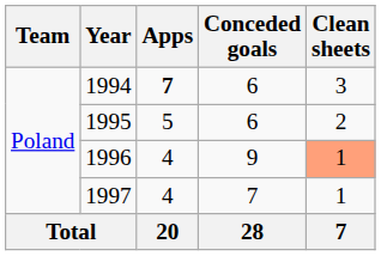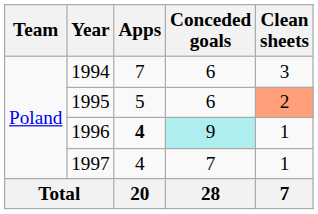 <table class="wikitable" style="text-align:center">
 <tr>
 <th>Team</th>
 <th>Year</th>
 <th>Apps</th>
 <th>Conceded<br>goals</th>
 <th>Clean<br>sheets</th>
 </tr>
 <tr>
 <td rowspan="4" style="vertical-align:center;"><a href='#'>Poland</a></td>
 <td>1994</td>
-<td><strong>7</strong></td>
+<td>7</td>
 <td>6</td>
 <td>3</td>
 </tr>
 <tr>
 <td>1995</td>
 <td>5</td>
 <td>6</td>
-<td>2</td>
+<td style="background: lightsalmon;">2</td>
 </tr>
 <tr>
 <td>1996</td>
-<td>4</td>
-<td>9</td>
-<td style="background: lightsalmon;">1</td>
+<td><strong>4</strong></td>
+<td style="background: paleturquoise;">9</td>
+<td>1</td>
 </tr>
 <tr>
 <td>1997</td>
 <td>4</td>
 <td>7</td>
 <td>1</td>
 </tr>
 <tr>
 <th colspan="2">Total</th>
 <th>20</th>
 <th>28</th>
 <th>7</th>
 </tr>
 </table>
